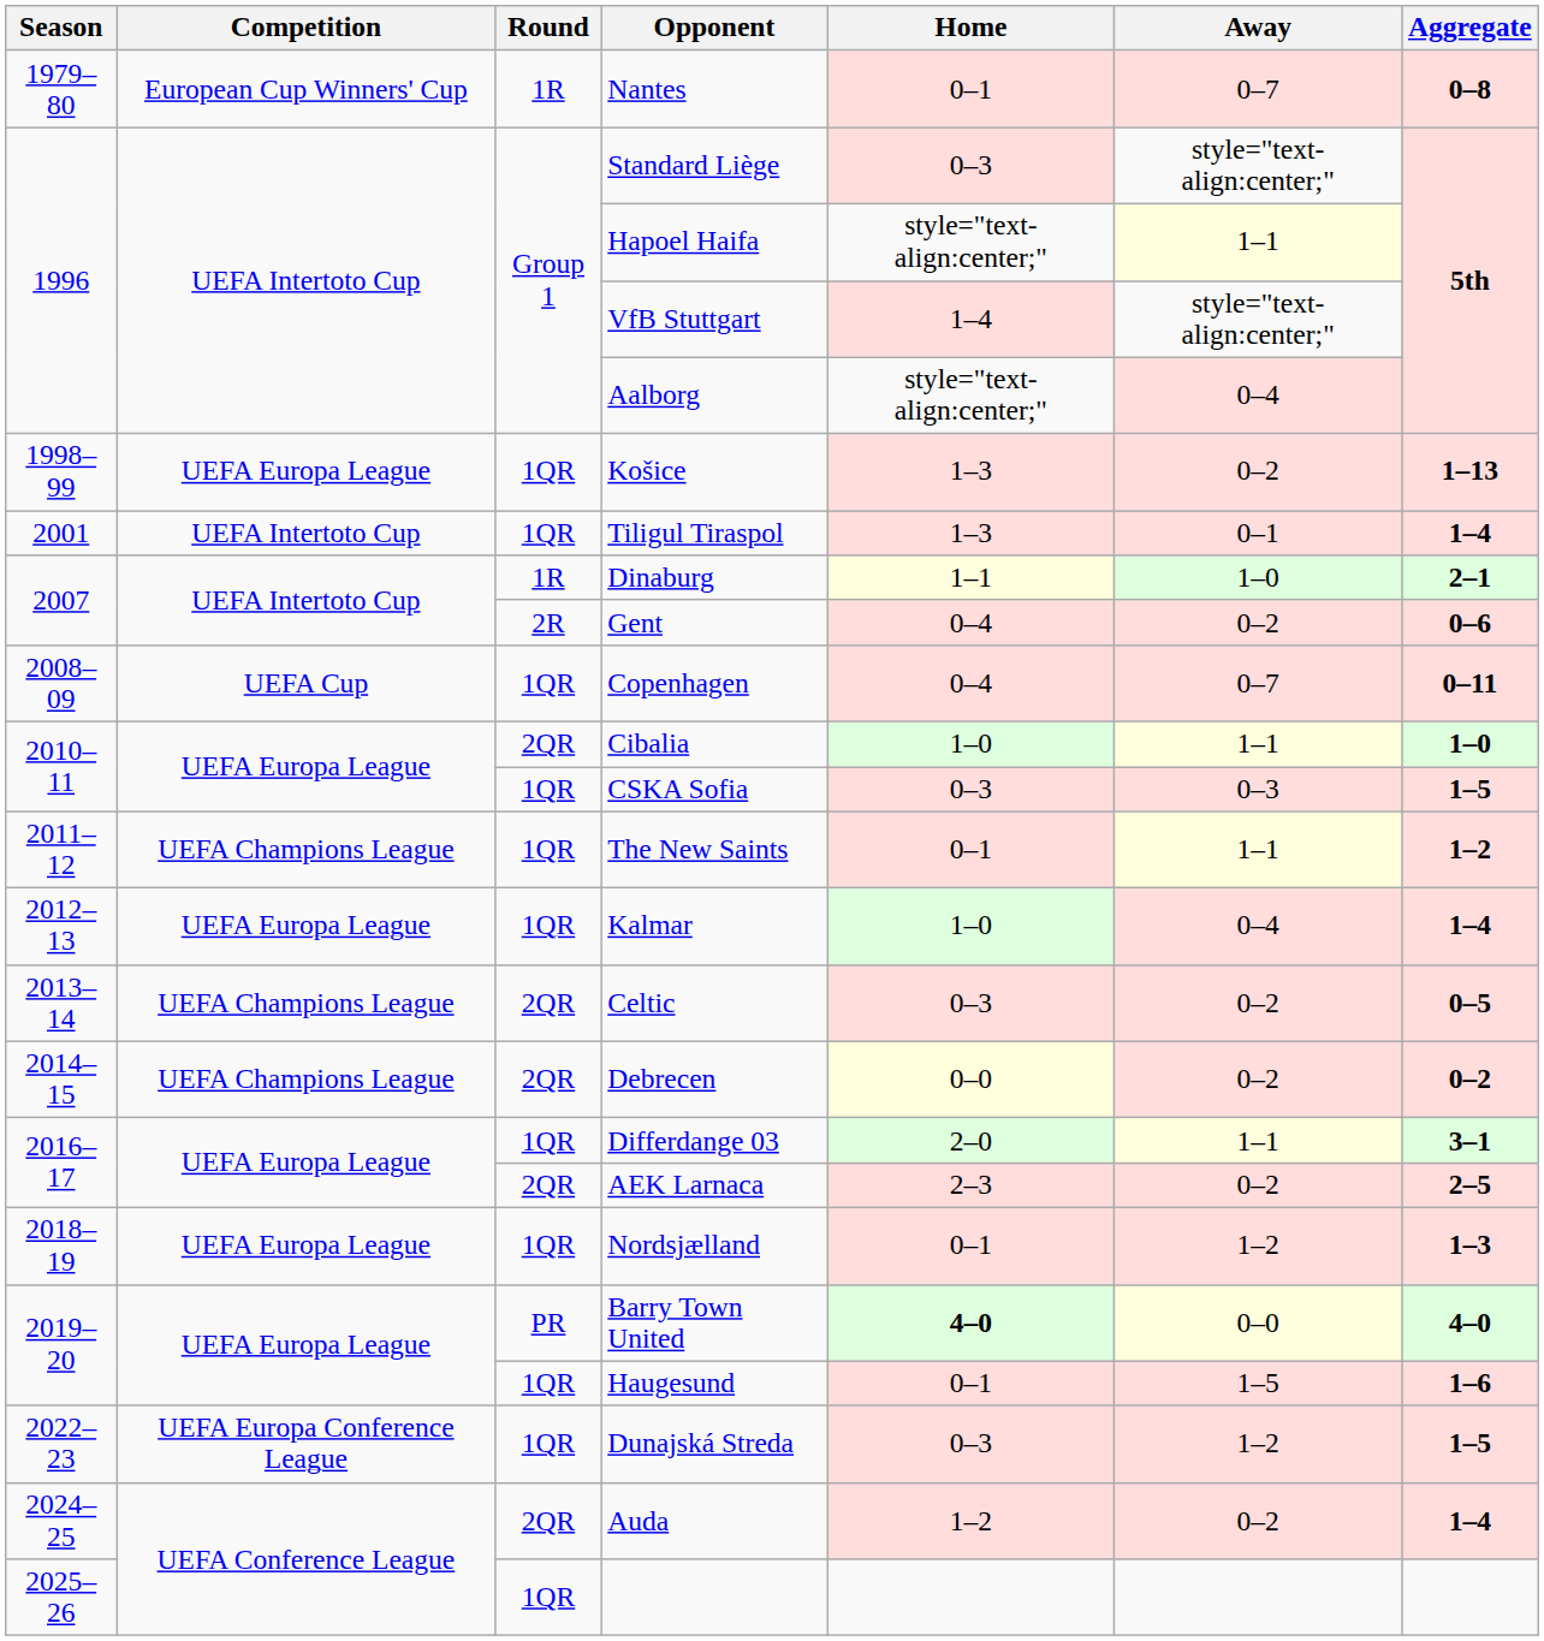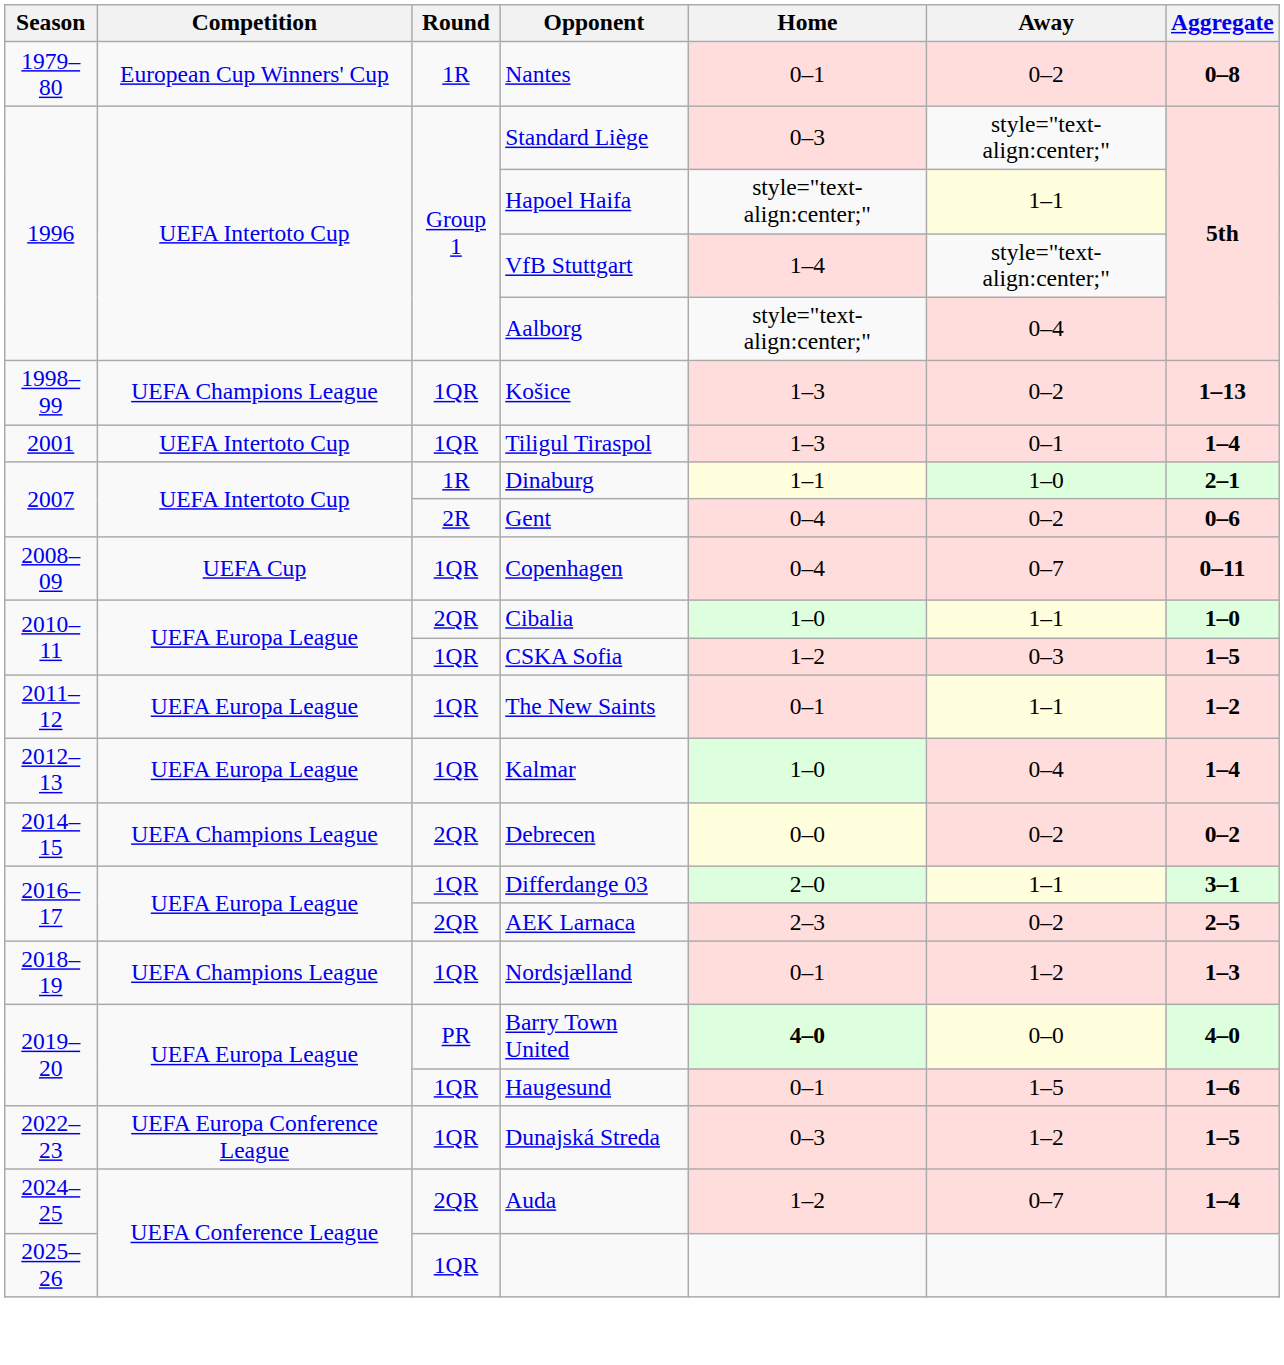 <table class="wikitable" style="font-size:100%; text-align: center;">
 <tr>
 <th>Season</th>
 <th>Competition</th>
 <th>Round</th>
 <th>Opponent</th>
 <th>Home</th>
 <th>Away</th>
 <th><a href='#'>Aggregate</a></th>
 </tr>
 <tr>
 <td><a href='#'>1979–80</a></td>
 <td><a href='#'>European Cup Winners' Cup</a></td>
 <td><a href='#'>1R</a></td>
 <td align="left"> <a href='#'>Nantes</a></td>
 <td bgcolor="#ffdddd" style="text-align:center;">0–1</td>
-<td bgcolor="#ffdddd" style="text-align:center;">0–7</td>
+<td bgcolor="#ffdddd" style="text-align:center;">0–2</td>
 <td bgcolor="#ffdddd" style="text-align:center;"><strong>0–8</strong></td>
 </tr>
 <tr>
 <td rowspan="4"><a href='#'>1996</a></td>
 <td rowspan="4"><a href='#'>UEFA Intertoto Cup</a></td>
 <td rowspan="4"><a href='#'>Group 1</a></td>
 <td align="left"> <a href='#'>Standard Liège</a></td>
 <td bgcolor="#ffdddd" style="text-align:center;">0–3</td>
 <td>style="text-align:center;" </td>
 <td bgcolor=#ffdddd rowspan=4 style="text-align:center;"><strong>5th</strong></td>
 </tr>
 <tr>
 <td align="left"> <a href='#'>Hapoel Haifa</a></td>
 <td>style="text-align:center;" </td>
 <td bgcolor="#ffffdd" style="text-align:center;">1–1</td>
 </tr>
 <tr>
 <td align="left"> <a href='#'>VfB Stuttgart</a></td>
 <td bgcolor="#ffdddd" style="text-align:center;">1–4</td>
 <td>style="text-align:center;" </td>
 </tr>
 <tr>
 <td align="left"> <a href='#'>Aalborg</a></td>
 <td>style="text-align:center;" </td>
 <td bgcolor="#ffdddd" style="text-align:center;">0–4</td>
 </tr>
 <tr>
 <td><a href='#'>1998–99</a></td>
-<td><a href='#'>UEFA Europa League</a></td>
+<td><a href='#'>UEFA Champions League</a></td>
 <td><a href='#'>1QR</a></td>
 <td align="left"> <a href='#'>Košice</a></td>
 <td bgcolor="#ffdddd" style="text-align:center;">1–3</td>
 <td bgcolor="#ffdddd" style="text-align:center;">0–2</td>
 <td bgcolor="#ffdddd" style="text-align:center;"><strong>1–13</strong></td>
 </tr>
 <tr>
 <td><a href='#'>2001</a></td>
 <td><a href='#'>UEFA Intertoto Cup</a></td>
 <td><a href='#'>1QR</a></td>
 <td align="left"> <a href='#'>Tiligul Tiraspol</a></td>
 <td bgcolor="#ffdddd" style="text-align:center;">1–3</td>
 <td bgcolor="#ffdddd" style="text-align:center;">0–1</td>
 <td bgcolor="#ffdddd" style="text-align:center;"><strong>1–4</strong></td>
 </tr>
 <tr>
 <td rowspan="2"><a href='#'>2007</a></td>
 <td rowspan="2"><a href='#'>UEFA Intertoto Cup</a></td>
 <td><a href='#'>1R</a></td>
 <td align="left"> <a href='#'>Dinaburg</a></td>
 <td bgcolor="#ffffdd" style="text-align:center;">1–1</td>
 <td bgcolor="#ddffdd" style="text-align:center;">1–0</td>
 <td bgcolor="#ddffdd" style="text-align:center;"><strong>2–1</strong></td>
 </tr>
 <tr>
 <td><a href='#'>2R</a></td>
 <td align="left"> <a href='#'>Gent</a></td>
 <td bgcolor="#ffdddd" style="text-align:center;">0–4</td>
 <td bgcolor="#ffdddd" style="text-align:center;">0–2</td>
 <td bgcolor="#ffdddd" style="text-align:center;"><strong>0–6</strong></td>
 </tr>
 <tr>
 <td><a href='#'>2008–09</a></td>
 <td><a href='#'>UEFA Cup</a></td>
 <td><a href='#'>1QR</a></td>
 <td align="left"> <a href='#'>Copenhagen</a></td>
 <td bgcolor="#ffdddd" style="text-align:center;">0–4</td>
 <td bgcolor="#ffdddd" style="text-align:center;">0–7</td>
 <td bgcolor="#ffdddd" style="text-align:center;"><strong>0–11</strong></td>
 </tr>
 <tr>
 <td rowspan="2"><a href='#'>2010–11</a></td>
 <td rowspan="2"><a href='#'>UEFA Europa League</a></td>
 <td><a href='#'>2QR</a></td>
 <td align="left"> <a href='#'>Cibalia</a></td>
 <td bgcolor="#ddffdd" style="text-align:center;">1–0</td>
 <td bgcolor="#ffffdd" style="text-align:center;">1–1</td>
 <td bgcolor="#ddffdd" style="text-align:center;"><strong>1–0</strong></td>
 </tr>
 <tr>
 <td><a href='#'>1QR</a></td>
 <td align="left"> <a href='#'>CSKA Sofia</a></td>
-<td bgcolor="#ffdddd" style="text-align:center;">0–3</td>
+<td bgcolor="#ffdddd" style="text-align:center;">1–2</td>
 <td bgcolor="#ffdddd" style="text-align:center;">0–3</td>
 <td bgcolor="#ffdddd" style="text-align:center;"><strong>1–5</strong></td>
 </tr>
 <tr>
 <td><a href='#'>2011–12</a></td>
-<td><a href='#'>UEFA Champions League</a></td>
+<td><a href='#'>UEFA Europa League</a></td>
 <td><a href='#'>1QR</a></td>
 <td align="left"> <a href='#'>The New Saints</a></td>
 <td bgcolor="#ffdddd" style="text-align:center;">0–1</td>
 <td bgcolor="#ffffdd" style="text-align:center;">1–1</td>
 <td bgcolor="#ffdddd" style="text-align:center;"><strong>1–2</strong></td>
 </tr>
 <tr>
 <td><a href='#'>2012–13</a></td>
 <td><a href='#'>UEFA Europa League</a></td>
 <td><a href='#'>1QR</a></td>
 <td align="left"> <a href='#'>Kalmar</a></td>
 <td bgcolor="#ddffdd" style="text-align:center;">1–0</td>
 <td bgcolor="#ffdddd" style="text-align:center;">0–4</td>
 <td bgcolor="#ffdddd" style="text-align:center;"><strong>1–4</strong></td>
-</tr>
-<tr>
-<td><a href='#'>2013–14</a></td>
-<td><a href='#'>UEFA Champions League</a></td>
-<td><a href='#'>2QR</a></td>
-<td align="left"> <a href='#'>Celtic</a></td>
-<td bgcolor="#ffdddd" style="text-align:center;">0–3</td>
-<td bgcolor="#ffdddd" style="text-align:center;">0–2</td>
-<td bgcolor="#ffdddd" style="text-align:center;"><strong>0–5</strong></td>
 </tr>
 <tr>
 <td><a href='#'>2014–15</a></td>
 <td><a href='#'>UEFA Champions League</a></td>
 <td><a href='#'>2QR</a></td>
 <td align="left"> <a href='#'>Debrecen</a></td>
 <td bgcolor="#ffffdd" style="text-align:center;">0–0</td>
 <td bgcolor="#ffdddd" style="text-align:center;">0–2</td>
 <td bgcolor="#ffdddd" style="text-align:center;"><strong>0–2</strong></td>
 </tr>
 <tr>
 <td rowspan="2"><a href='#'>2016–17</a></td>
 <td rowspan="2"><a href='#'>UEFA Europa League</a></td>
 <td><a href='#'>1QR</a></td>
 <td align="left"> <a href='#'>Differdange 03</a></td>
 <td bgcolor="#ddffdd" style="text-align:center;">2–0</td>
 <td bgcolor="#ffffdd" style="text-align:center;">1–1</td>
 <td bgcolor="#ddffdd" style="text-align:center;"><strong>3–1</strong></td>
 </tr>
 <tr>
 <td><a href='#'>2QR</a></td>
 <td align="left"> <a href='#'>AEK Larnaca</a></td>
 <td bgcolor="#ffdddd" style="text-align:center;">2–3</td>
 <td bgcolor="#ffdddd" style="text-align:center;">0–2</td>
 <td bgcolor="#ffdddd" style="text-align:center;"><strong>2–5</strong></td>
 </tr>
 <tr>
 <td><a href='#'>2018–19</a></td>
-<td><a href='#'>UEFA Europa League</a></td>
+<td><a href='#'>UEFA Champions League</a></td>
 <td><a href='#'>1QR</a></td>
 <td align="left"> <a href='#'>Nordsjælland</a></td>
 <td bgcolor="#ffdddd" style="text-align:center;">0–1</td>
 <td bgcolor="#ffdddd" style="text-align:center;">1–2</td>
 <td bgcolor="#ffdddd" style="text-align:center;"><strong>1–3</strong></td>
 </tr>
 <tr>
 <td rowspan="2"><a href='#'>2019–20</a></td>
 <td rowspan="2"><a href='#'>UEFA Europa League</a></td>
 <td><a href='#'>PR</a></td>
 <td align="left"> <a href='#'>Barry Town United</a></td>
 <td bgcolor="#ddffdd" style="text-align:center;"><strong>4–0</strong></td>
 <td bgcolor="#ffffdd" style="text-align:center;">0–0</td>
 <td bgcolor="#ddffdd" style="text-align:center;"><strong>4–0</strong></td>
 </tr>
 <tr>
 <td><a href='#'>1QR</a></td>
 <td align="left"> <a href='#'>Haugesund</a></td>
 <td bgcolor="#ffdddd" style="text-align:center;">0–1</td>
 <td bgcolor="#ffdddd" style="text-align:center;">1–5</td>
 <td bgcolor="#ffdddd" style="text-align:center;"><strong>1–6</strong></td>
 </tr>
 <tr>
 <td><a href='#'>2022–23</a></td>
 <td><a href='#'>UEFA Europa Conference League</a></td>
 <td><a href='#'>1QR</a></td>
 <td align="left"> <a href='#'>Dunajská Streda</a></td>
 <td bgcolor="#ffdddd" style="text-align:center;">0–3</td>
 <td bgcolor="#ffdddd" style="text-align:center;">1–2</td>
 <td bgcolor="#ffdddd" style="text-align:center;"><strong>1–5</strong></td>
 </tr>
 <tr>
 <td><a href='#'>2024–25</a></td>
 <td rowspan="2"><a href='#'>UEFA Conference League</a></td>
 <td><a href='#'>2QR</a></td>
 <td align="left"> <a href='#'>Auda</a></td>
 <td bgcolor="#ffdddd" style="text-align:center;">1–2</td>
-<td bgcolor="#ffdddd" style="text-align:center;">0–2</td>
+<td bgcolor="#ffdddd" style="text-align:center;">0–7</td>
 <td bgcolor="#ffdddd" style="text-align:center;"><strong>1–4</strong></td>
 </tr>
 <tr>
 <td><a href='#'>2025–26</a></td>
 <td><a href='#'>1QR</a></td>
 <td></td>
 <td></td>
 <td></td>
 <td></td>
 </tr>
 </table>
